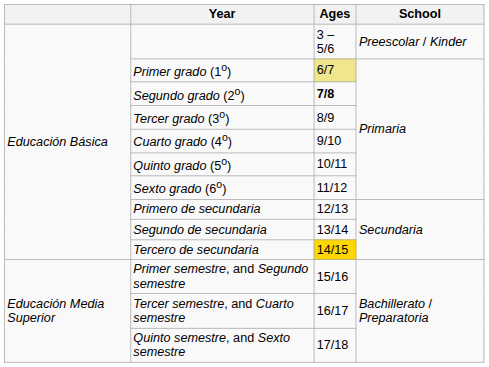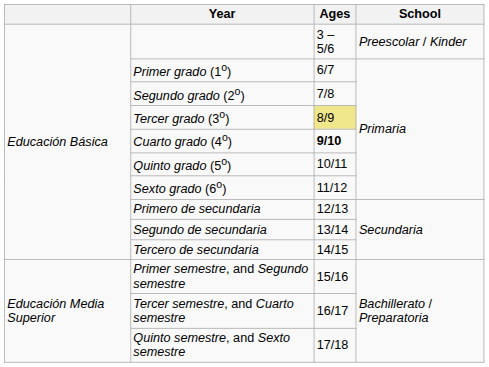 <table class="wikitable">
 <tr>
 <th></th>
 <th>Year</th>
 <th>Ages</th>
 <th>School</th>
 </tr>
 <tr>
 <td rowspan="10"><em>Educación Básica</em></td>
 <td></td>
 <td>3 – 5/6</td>
 <td><em>Preescolar</em> / <em>Kinder</em></td>
 </tr>
 <tr>
 <td><em>Primer grado</em> (1<sup>o</sup>)</td>
-<td style="background: khaki;">6/7</td>
+<td>6/7</td>
 <td rowspan="6"><em>Primaria</em></td>
 </tr>
 <tr>
 <td><em>Segundo grado</em> (2<sup>o</sup>)</td>
-<td><strong>7/8</strong></td>
+<td>7/8</td>
 </tr>
 <tr>
 <td><em>Tercer grado</em> (3<sup>o</sup>)</td>
-<td>8/9</td>
+<td style="background: khaki;">8/9</td>
 </tr>
 <tr>
 <td><em>Cuarto grado</em> (4<sup>o</sup>)</td>
-<td>9/10</td>
+<td><strong>9/10</strong></td>
 </tr>
 <tr>
 <td><em>Quinto grado</em> (5<sup>o</sup>)</td>
 <td>10/11</td>
 </tr>
 <tr>
 <td><em>Sexto grado</em> (6<sup>o</sup>)</td>
 <td>11/12</td>
 </tr>
 <tr>
 <td><em>Primero de secundaria</em></td>
 <td>12/13</td>
 <td rowspan="3"><em>Secundaria</em></td>
 </tr>
 <tr>
 <td><em>Segundo de secundaria</em></td>
 <td>13/14</td>
 </tr>
 <tr>
 <td><em>Tercero de secundaria</em></td>
-<td style="background: gold;">14/15</td>
+<td>14/15</td>
 </tr>
 <tr>
 <td rowspan="3"><em>Educación Media Superior</em></td>
 <td><em>Primer semestre</em>, and <em>Segundo semestre</em></td>
 <td>15/16</td>
 <td rowspan="3"><em>Bachillerato</em> / <em>Preparatoria</em></td>
 </tr>
 <tr>
 <td><em>Tercer semestre</em>, and <em>Cuarto semestre</em></td>
 <td>16/17</td>
 </tr>
 <tr>
 <td><em>Quinto semestre</em>, and <em>Sexto semestre</em></td>
 <td>17/18</td>
 </tr>
 </table>
